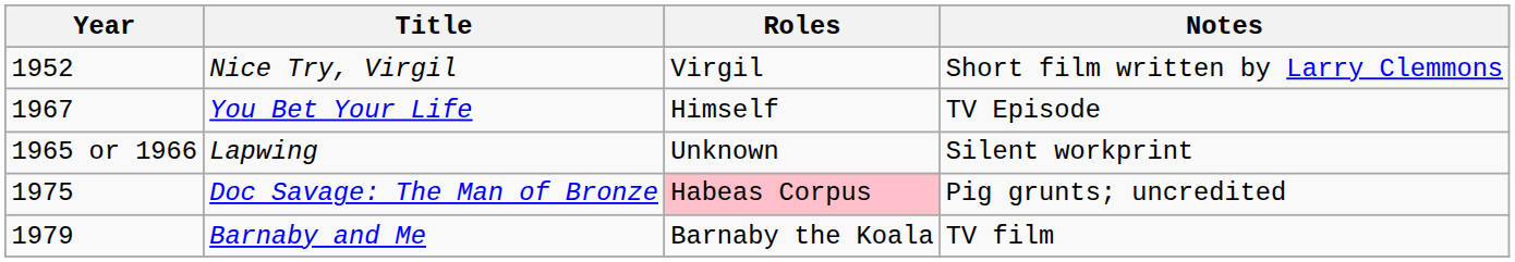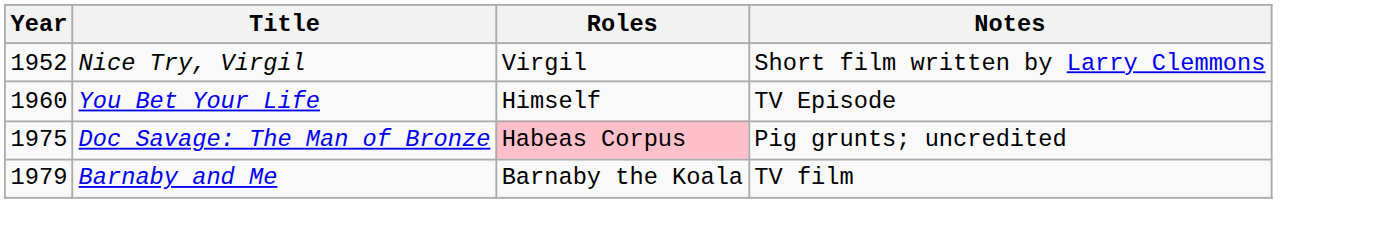 <table class="wikitable">
 <tr style="background:#b0c4de; text-aligb:center;">
 <th>Year</th>
 <th>Title</th>
 <th>Roles</th>
 <th>Notes</th>
 </tr>
 <tr>
 <td>1952</td>
 <td><em>Nice Try, Virgil</em></td>
 <td>Virgil</td>
 <td>Short film written by <a href='#'>Larry Clemmons</a></td>
 </tr>
 <tr>
-<td>1967</td>
+<td>1960</td>
 <td><em><a href='#'>You Bet Your Life</a></em></td>
 <td>Himself</td>
 <td>TV Episode</td>
-</tr>
-<tr>
-<td>1965 or 1966</td>
-<td><em>Lapwing</em></td>
-<td>Unknown</td>
-<td>Silent workprint</td>
 </tr>
 <tr>
 <td>1975</td>
 <td><em><a href='#'>Doc Savage: The Man of Bronze</a></em></td>
 <td style="background: pink;">Habeas Corpus</td>
 <td>Pig grunts; uncredited</td>
 </tr>
 <tr>
 <td>1979</td>
 <td><em><a href='#'>Barnaby and Me</a></em></td>
 <td>Barnaby the Koala</td>
 <td>TV film</td>
 </tr>
 </table>
